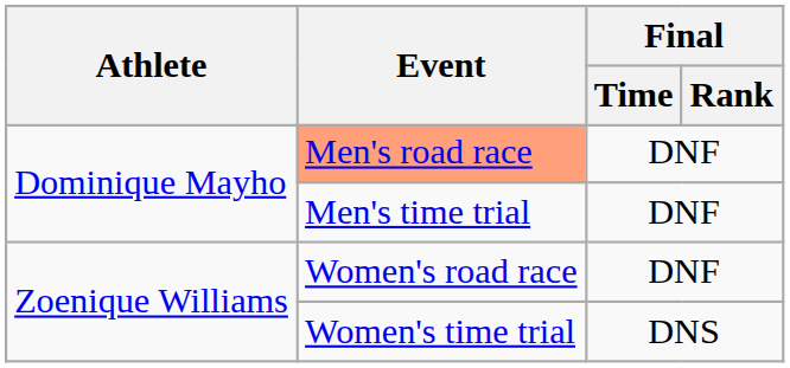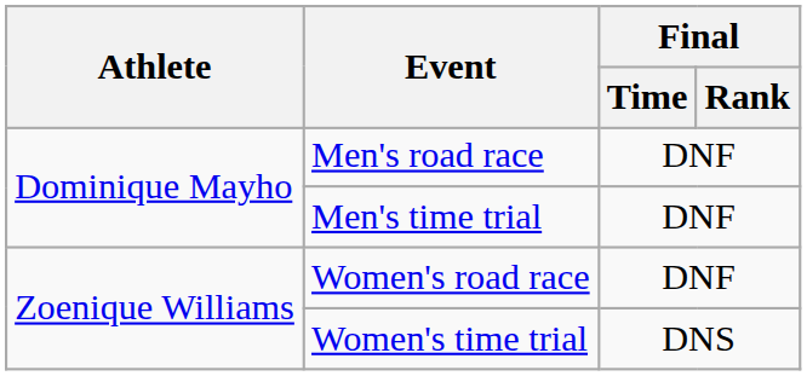 <table class="wikitable" border="1" style="font-size:90%">
 <tr>
 <th rowspan=2>Athlete</th>
 <th rowspan=2>Event</th>
 <th colspan=2>Final</th>
 </tr>
 <tr>
 <th>Time</th>
 <th>Rank</th>
 </tr>
 <tr>
 <td align=left rowspan=2><a href='#'>Dominique Mayho</a></td>
-<td align=left rowspan=1 style="background: lightsalmon;"><a href='#'>Men's road race</a></td>
+<td align=left rowspan=1><a href='#'>Men's road race</a></td>
 <td align=center colspan=2>DNF</td>
 </tr>
 <tr>
 <td align=left rowspan=1><a href='#'>Men's time trial</a></td>
 <td align=center colspan=2>DNF</td>
 </tr>
 <tr>
 <td align=left rowspan=2><a href='#'>Zoenique Williams</a></td>
 <td align=left rowspan=1><a href='#'>Women's road race</a></td>
 <td align=center colspan=2>DNF</td>
 </tr>
 <tr>
 <td align=left rowspan=1><a href='#'>Women's time trial</a></td>
 <td align=center colspan=2>DNS</td>
 </tr>
 </table>
